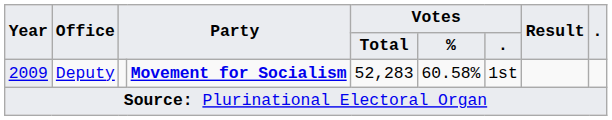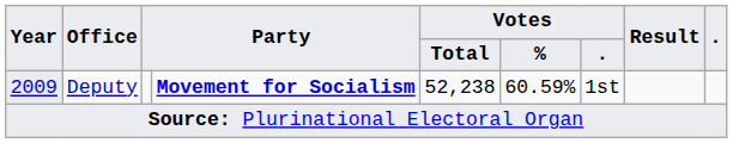 <table class="wikitable" style="font-size:90%; text-align:center;">
 <tr>
 <th style="background-color:#EAECF0;" rowspan=2>Year</th>
 <th style="background-color:#EAECF0;" rowspan=2>Office</th>
 <th style="background-color:#EAECF0;" colspan=2 rowspan=2>Party</th>
 <th style="background-color:#EAECF0;" colspan=3>Votes</th>
 <th style="background-color:#EAECF0;" rowspan=2>Result</th>
 <th style="background-color:#EAECF0;" rowspan=2>.</th>
 </tr>
 <tr>
 <th style="background-color:#EAECF0;">Total</th>
 <th style="background-color:#EAECF0;">%</th>
 <th style="background-color:#EAECF0;">.</th>
 </tr>
 <tr>
 <td style="background-color:#EAECF0;"><a href='#'>2009</a></td>
 <td><a href='#'>Deputy</a></td>
 <td style="background-color:"></td>
 <td><strong><a href='#'>Movement for Socialism</a></strong></td>
-<td>52,283</td>
-<td>60.58%</td>
+<td>52,238</td>
+<td>60.59%</td>
 <td>1st</td>
 <td></td>
 <td></td>
 </tr>
 <tr>
 <td style="background-color:#EAECF0;" colspan=9><strong>Source:</strong> <a href='#'>Plurinational Electoral Organ</a>  </td>
 </tr>
 </table>
